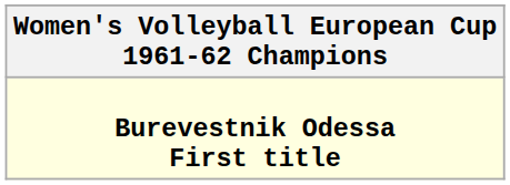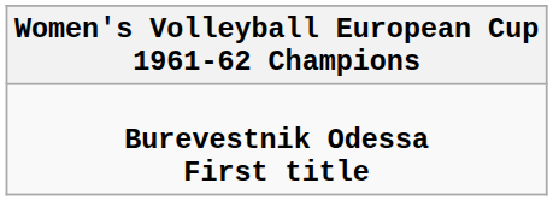 <table class=wikitable style="text-align:center; margin:auto">
 <tr>
 <th>Women's Volleyball European Cup<br> 1961-62 Champions</th>
 </tr>
 <tr>
-<td style="background: lightyellow;"> <br>  <strong>Burevestnik Odessa</strong> <br> <strong>First title</strong></td>
+<td> <br>  <strong>Burevestnik Odessa</strong> <br> <strong>First title</strong></td>
 </tr>
 </table>
